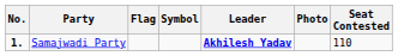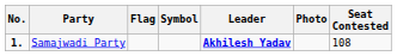 <table class="wikitable sortable">
 <tr>
 <th>No.</th>
 <th>Party</th>
 <th>Flag</th>
 <th>Symbol</th>
 <th>Leader</th>
 <th>Photo</th>
 <th>Seat<br>Contested</th>
 </tr>
 <tr>
 <td ! style="text-align:center; background:"><strong>1.</strong></td>
 <td><a href='#'>Samajwadi Party</a></td>
 <td></td>
 <td></td>
 <td><strong><a href='#'>Akhilesh Yadav</a></strong></td>
 <td></td>
-<td>110</td>
+<td>108</td>
 </tr>
 </table>
